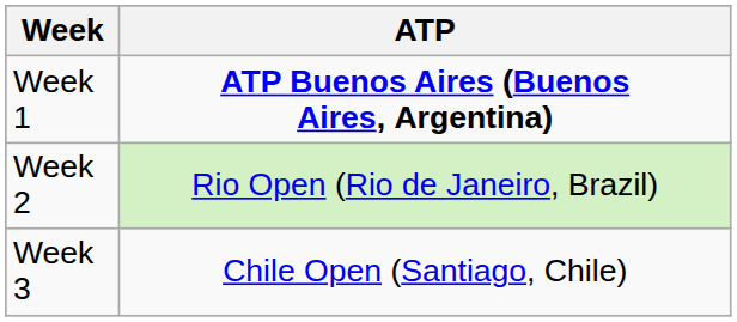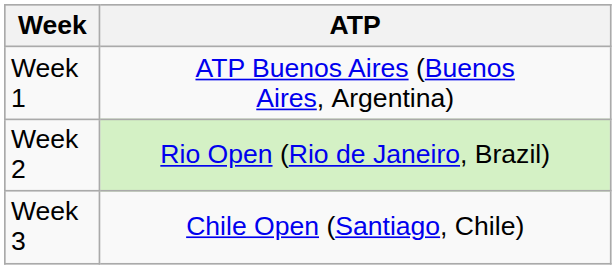 <table class="wikitable">
 <tr valign= bottom>
 <th style="width:50px;">Week</th>
 <th style="width:300px;">ATP</th>
 </tr>
 <tr>
 <td>Week 1</td>
-<td style="text-align:center;"><strong><a href='#'>ATP Buenos Aires</a> (<a href='#'>Buenos Aires</a>, Argentina)</strong></td>
+<td style="text-align:center;"><a href='#'>ATP Buenos Aires</a> (<a href='#'>Buenos Aires</a>, Argentina)</td>
 </tr>
 <tr>
 <td>Week 2</td>
 <td bgcolor=#D4F1C5 style="text-align:center;"><a href='#'>Rio Open</a> (<a href='#'>Rio de Janeiro</a>, Brazil)</td>
 </tr>
 <tr>
 <td>Week 3</td>
 <td style="text-align:center;"><a href='#'>Chile Open</a> (<a href='#'>Santiago</a>, Chile)</td>
 </tr>
 </table>
